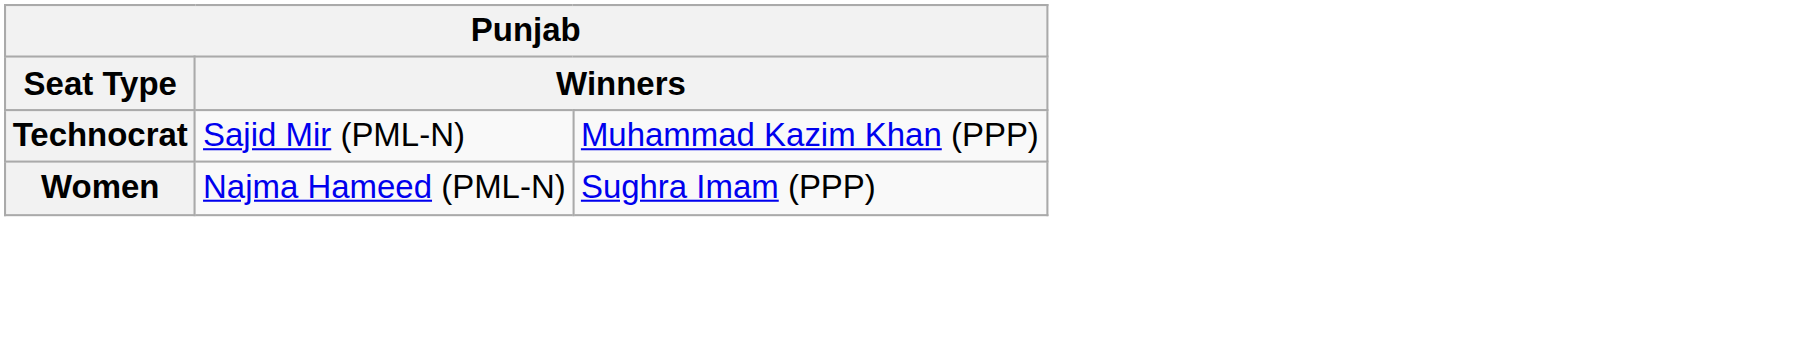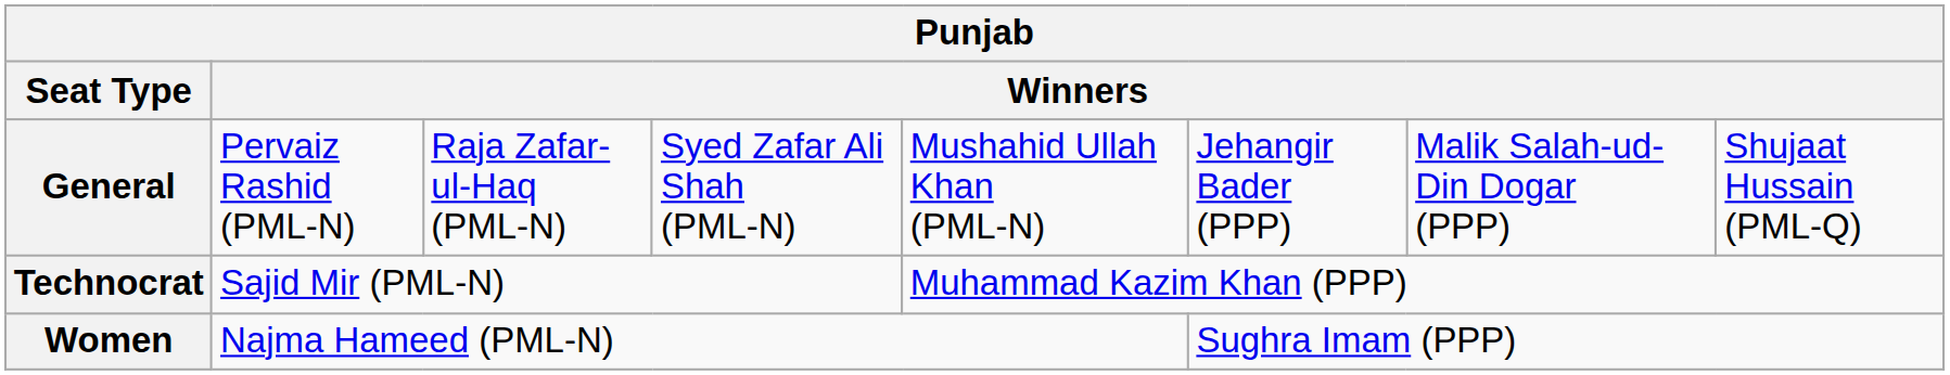 <table class="wikitable">
 <tr>
 <th colspan="8">Punjab</th>
 </tr>
 <tr>
 <th>Seat Type</th>
 <th colspan="7">Winners</th>
+</tr>
+<tr>
+<th>General</th>
+<td style="background:"><a href='#'>Pervaiz Rashid</a><br>(PML-N)</td>
+<td style="background:"><a href='#'>Raja Zafar-ul-Haq</a><br>(PML-N)</td>
+<td style="background:"><a href='#'>Syed Zafar Ali Shah</a><br>(PML-N)</td>
+<td style="background:"><a href='#'>Mushahid Ullah Khan</a><br>(PML-N)</td>
+<td style="background:"><a href='#'>Jehangir Bader</a><br>(PPP)</td>
+<td style="background:"><a href='#'>Malik Salah-ud-Din Dogar</a><br>(PPP)</td>
+<td style="background:"><a href='#'>Shujaat Hussain</a><br>(PML-Q)</td>
 </tr>
 <tr>
 <th>Technocrat</th>
 <td colspan="3" style="background:"><a href='#'>Sajid Mir</a> (PML-N)</td>
 <td colspan="4" style="background:"><a href='#'>Muhammad Kazim Khan</a> (PPP)</td>
 </tr>
 <tr>
 <th>Women</th>
 <td colspan="4" style="background:"><a href='#'>Najma Hameed</a> (PML-N)</td>
 <td colspan="3" style="background:"><a href='#'>Sughra Imam</a> (PPP)</td>
 </tr>
 </table>
